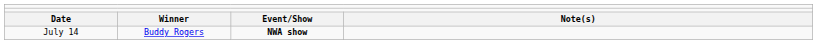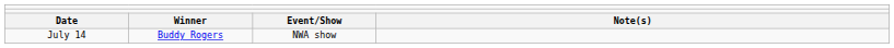 <table class="wikitable" style="text-align:center; width:100%;">
 <tr>
 <td colspan="5"></td>
 </tr>
 <tr>
 <td colspan="5"><strong></strong></td>
 </tr>
 <tr>
 <th width=14%>Date</th>
 <th width=14%>Winner</th>
 <th width=14%>Event/Show</th>
 <th width=58%>Note(s)</th>
 </tr>
 <tr>
 <td>July 14</td>
 <td><a href='#'>Buddy Rogers</a></td>
-<td><strong>NWA show</strong></td>
+<td>NWA show</td>
 <td align=left></td>
 </tr>
 </table>
